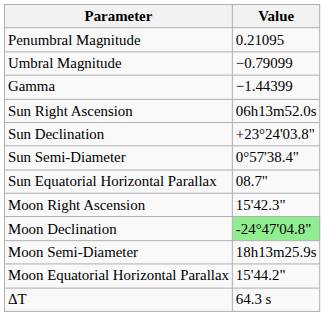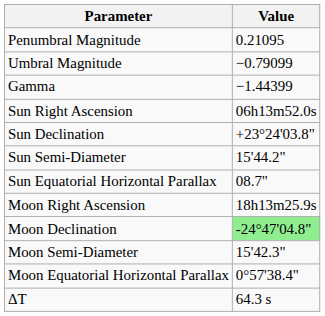 <table class="wikitable">
 <tr>
 <th>Parameter</th>
 <th>Value</th>
 </tr>
 <tr>
 <td>Penumbral Magnitude</td>
 <td>0.21095</td>
 </tr>
 <tr>
 <td>Umbral Magnitude</td>
 <td>−0.79099</td>
 </tr>
 <tr>
 <td>Gamma</td>
 <td>−1.44399</td>
 </tr>
 <tr>
 <td>Sun Right Ascension</td>
 <td>06h13m52.0s</td>
 </tr>
 <tr>
 <td>Sun Declination</td>
 <td>+23°24'03.8"</td>
 </tr>
 <tr>
 <td>Sun Semi-Diameter</td>
-<td>0°57'38.4"</td>
+<td>15'44.2"</td>
 </tr>
 <tr>
 <td>Sun Equatorial Horizontal Parallax</td>
 <td>08.7"</td>
 </tr>
 <tr>
 <td>Moon Right Ascension</td>
-<td>15'42.3"</td>
+<td>18h13m25.9s</td>
 </tr>
 <tr>
 <td>Moon Declination</td>
 <td style="background: lightgreen;">-24°47'04.8"</td>
 </tr>
 <tr>
 <td>Moon Semi-Diameter</td>
-<td>18h13m25.9s</td>
+<td>15'42.3"</td>
 </tr>
 <tr>
 <td>Moon Equatorial Horizontal Parallax</td>
-<td>15'44.2"</td>
+<td>0°57'38.4"</td>
 </tr>
 <tr>
 <td>ΔT</td>
 <td>64.3 s</td>
 </tr>
 </table>
